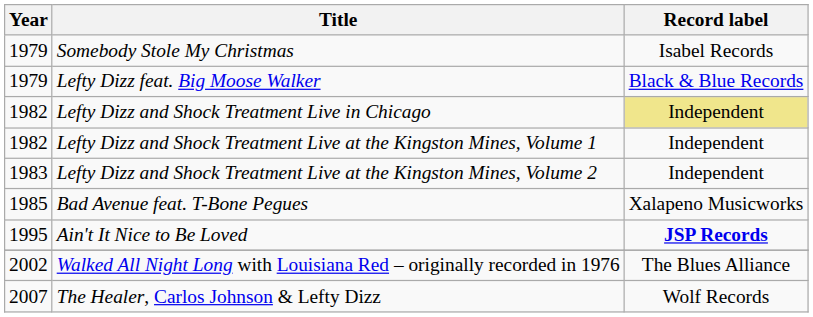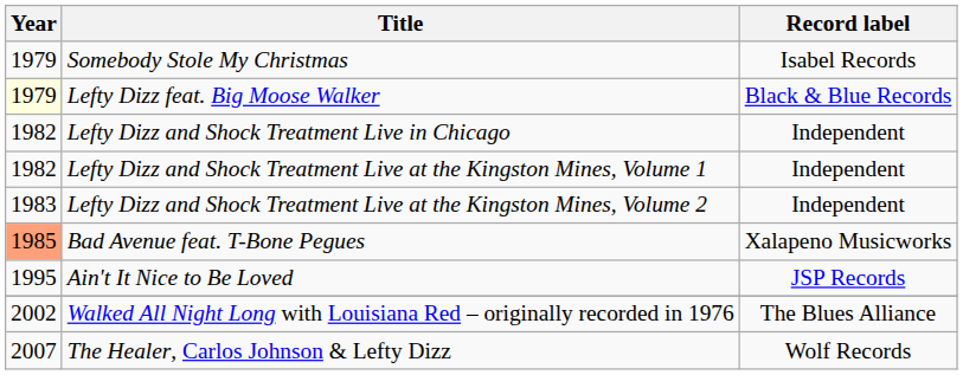 <table class="wikitable sortable">
 <tr>
 <th>Year</th>
 <th>Title</th>
 <th>Record label</th>
 </tr>
 <tr>
 <td>1979</td>
 <td><em>Somebody Stole My Christmas</em></td>
 <td style="text-align:center;">Isabel Records</td>
 </tr>
 <tr>
-<td>1979</td>
+<td style="background: lightyellow;">1979</td>
 <td><em>Lefty Dizz feat. <a href='#'>Big Moose Walker</a></em></td>
 <td style="text-align:center;"><a href='#'>Black & Blue Records</a></td>
 </tr>
 <tr>
 <td>1982</td>
 <td><em>Lefty Dizz and Shock Treatment Live in Chicago</em></td>
-<td style="background: khaki; text-align:center;">Independent</td>
+<td style="text-align:center;">Independent</td>
 </tr>
 <tr>
 <td>1982</td>
 <td><em>Lefty Dizz and Shock Treatment Live at the Kingston Mines, Volume 1</em></td>
 <td style="text-align:center;">Independent</td>
 </tr>
 <tr>
 <td>1983</td>
 <td><em>Lefty Dizz and Shock Treatment Live at the Kingston Mines, Volume 2</em></td>
 <td style="text-align:center;">Independent</td>
 </tr>
 <tr>
-<td>1985</td>
+<td style="background: lightsalmon;">1985</td>
 <td><em>Bad Avenue feat. T-Bone Pegues</em></td>
 <td style="text-align:center;">Xalapeno Musicworks</td>
 </tr>
 <tr>
 <td>1995</td>
 <td><em>Ain't It Nice to Be Loved</em></td>
-<td style="text-align:center;"><strong><a href='#'>JSP Records</a></strong></td>
+<td style="text-align:center;"><a href='#'>JSP Records</a></td>
 </tr>
 <tr | 1997 || >
 </tr>
 <tr>
 <td>2002</td>
 <td><em><a href='#'>Walked All Night Long</a></em> with <a href='#'>Louisiana Red</a> – originally recorded in 1976</td>
 <td style="text-align:center;">The Blues Alliance</td>
 </tr>
 <tr>
 <td>2007</td>
 <td><em>The Healer</em>, <a href='#'>Carlos Johnson</a> & Lefty Dizz</td>
 <td style="text-align:center;">Wolf Records</td>
 </tr>
 </table>
